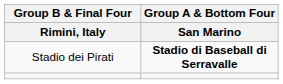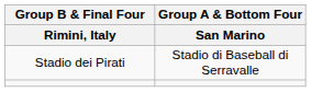 <table class="wikitable" style="text-align:center;">
 <tr>
 <th width="180">Group B & Final Four</th>
 <th width="180">Group A & Bottom Four</th>
 </tr>
 <tr>
 <th width="180"> Rimini, Italy</th>
 <th width="180"> San Marino</th>
 </tr>
 <tr>
 <td width="180">Stadio dei Pirati</td>
-<td width="180"><strong>Stadio di Baseball di Serravalle</strong></td>
+<td width="180">Stadio di Baseball di Serravalle</td>
 </tr>
 <tr>
 <td width="180"></td>
 <td width="180"></td>
 </tr>
 </table>
